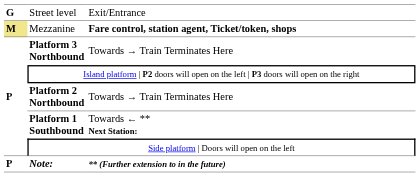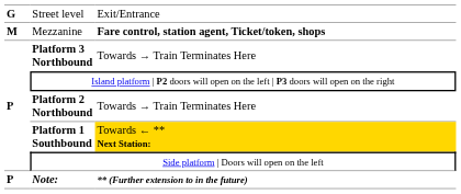 <table border="0" cellspacing="0" cellpadding="3">
 <tr>
 <td width="30" valign="top" style="border-top:solid 1px gray;border-bottom:solid 1px gray;"><strong>G</strong></td>
 <td width="85" valign="top" style="border-top:solid 1px gray;border-bottom:solid 1px gray;">Street level</td>
 <td width="500" valign="top" style="border-top:solid 1px gray;border-bottom:solid 1px gray;">Exit/Entrance</td>
 </tr>
 <tr>
-<td style="background: khaki; border-bottom:solid 1px gray;"><strong>M</strong></td>
+<td style="border-bottom:solid 1px gray;"><strong>M</strong></td>
 <td style="border-bottom:solid 1px gray;">Mezzanine</td>
 <td style="border-bottom:solid 1px gray;"><strong>Fare control, station agent, Ticket/token, shops</strong></td>
 </tr>
 <tr>
 <td rowspan="5" style="border-bottom:solid 1px grey;text-align:left;"><strong>P</strong></td>
 <td width="85" style="border-bottom:solid 1px white;"><span><strong>Platform 3</strong><br><strong>Northbound</strong></span></td>
 <td width="500" style="border-bottom:solid 1px white;">Towards → Train Terminates Here</td>
 </tr>
 <tr>
 <td colspan="2" style="border-top:solid 2px black;border-right:solid 2px black;border-left:solid 2px black;border-bottom:solid 2px black;text-align:center;"><small><a href='#'>Island platform</a> | <strong>P2</strong> doors will open on the left | <strong>P3</strong> doors will open on the right</small> </td>
 </tr>
 <tr>
 <td style="border-bottom:solid 1px gray;" width=85><span><strong>Platform 2</strong><br><strong>Northbound</strong></span></td>
 <td style="border-bottom:solid 1px gray;" width=500>Towards → Train Terminates Here</td>
 </tr>
 <tr>
 <td width="85"><span><strong>Platform 1</strong><br><strong>Southbound</strong></span></td>
-<td width="500">Towards ←  **<br><small><strong>Next Station:</strong> </small></td>
+<td width="500" style="background: gold;">Towards ←  **<br><small><strong>Next Station:</strong> </small></td>
 </tr>
 <tr>
 <td colspan="2" style="border-top:solid 2px black;border-right:solid 2px black;border-left:solid 2px black;border-bottom:solid 1px gray;text-align:center;"><small><a href='#'>Side platform</a> | Doors will open on the left </small></td>
 </tr>
 <tr>
 <td style="border-bottom:solid 1px gray;" width=30 rowspan=2 valign=top><strong>P</strong></td>
 <td style="border-bottom:solid 1px gray;" width=85><strong><em>Note:</em></strong></td>
 <td style="border-bottom:solid 1px gray;" width=500><small><strong><em>** (Further extension to  in the future)</em></strong></small></td>
 </tr>
 <tr>
 </tr>
 </table>
